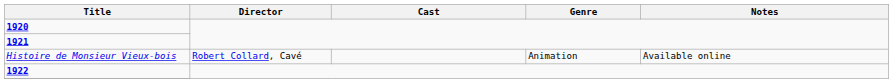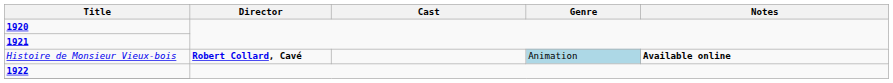 <table class="wikitable" style="width:100%;">
 <tr>
 <th style="width:21%;">Title</th>
 <th style="width:16%;">Director</th>
 <th style="width:22%;">Cast</th>
 <th style="width:13%;">Genre</th>
 <th style="width:28%;">Notes</th>
 </tr>
 <tr>
 <td><strong><a href='#'>1920</a></strong></td>
 </tr>
 <tr>
 <td><strong><a href='#'>1921</a></strong></td>
 </tr>
 <tr>
 <td><em><a href='#'>Histoire de Monsieur Vieux-bois</a></em></td>
-<td><a href='#'>Robert Collard</a>, Cavé</td>
+<td><strong><a href='#'>Robert Collard</a>, Cavé</strong></td>
 <td></td>
-<td>Animation</td>
-<td>Available online</td>
+<td style="background: lightblue;">Animation</td>
+<td><strong>Available online</strong></td>
 </tr>
 <tr>
 <td><strong><a href='#'>1922</a></strong></td>
 </tr>
 <tr>
 </tr>
 </table>
